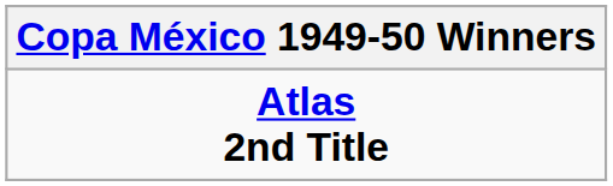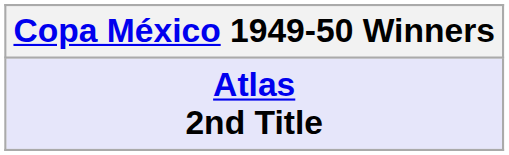 <table class="wikitable" style="text-align: center; margin: 0 auto;">
 <tr>
 <th><a href='#'>Copa México</a> 1949-50 Winners</th>
 </tr>
 <tr>
-<td><strong><a href='#'>Atlas</a></strong><br><strong>2nd Title</strong></td>
+<td style="background: lavender;"><strong><a href='#'>Atlas</a></strong><br><strong>2nd Title</strong></td>
 </tr>
 </table>
